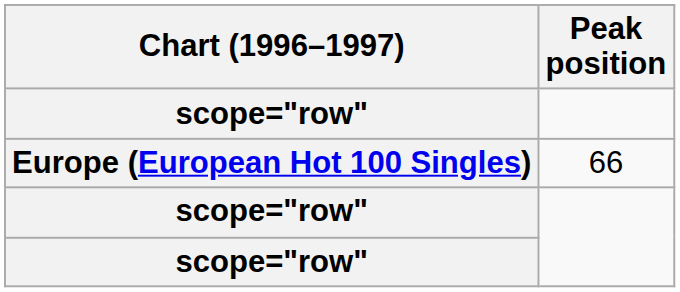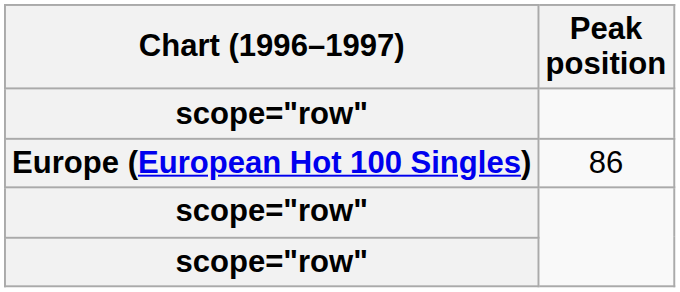 <table class="wikitable plainrowheaders sortable" style="text-align:center;">
 <tr>
 <th scope="col">Chart (1996–1997)</th>
 <th scope="col">Peak<br>position</th>
 </tr>
 <tr>
 <th>scope="row" </th>
 </tr>
 <tr>
 <th scope="row">Europe (<a href='#'>European Hot 100 Singles</a>)</th>
-<td>66</td>
+<td>86</td>
 </tr>
 <tr>
 <th>scope="row" </th>
 </tr>
 <tr>
 <th>scope="row" </th>
 </tr>
 </table>
